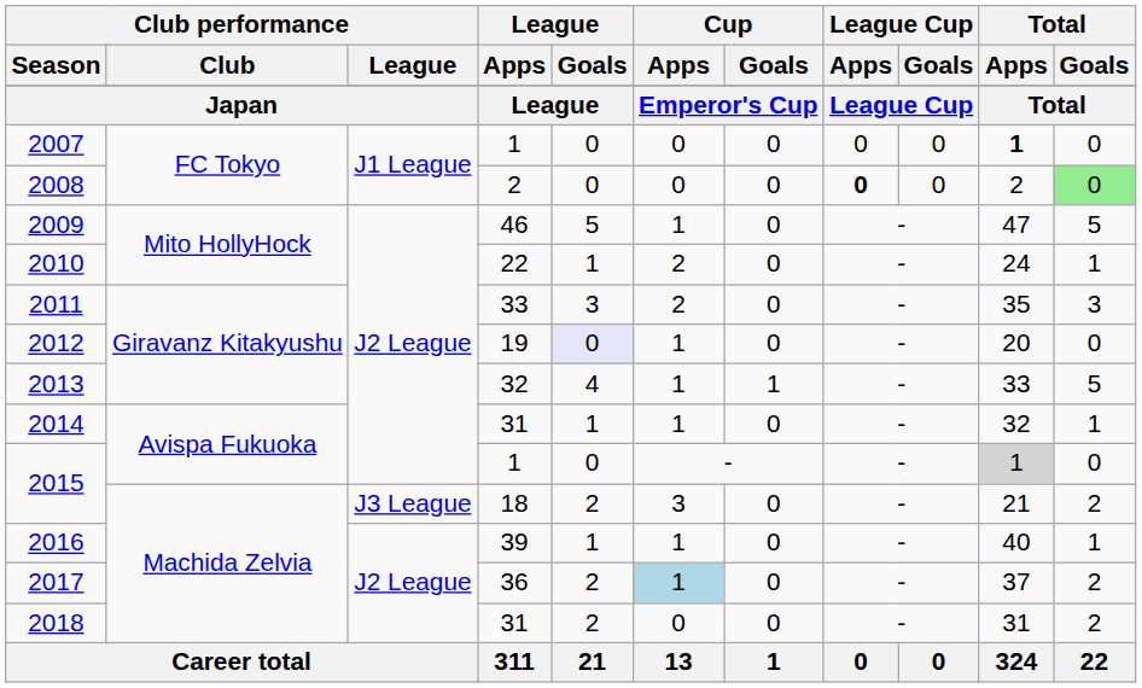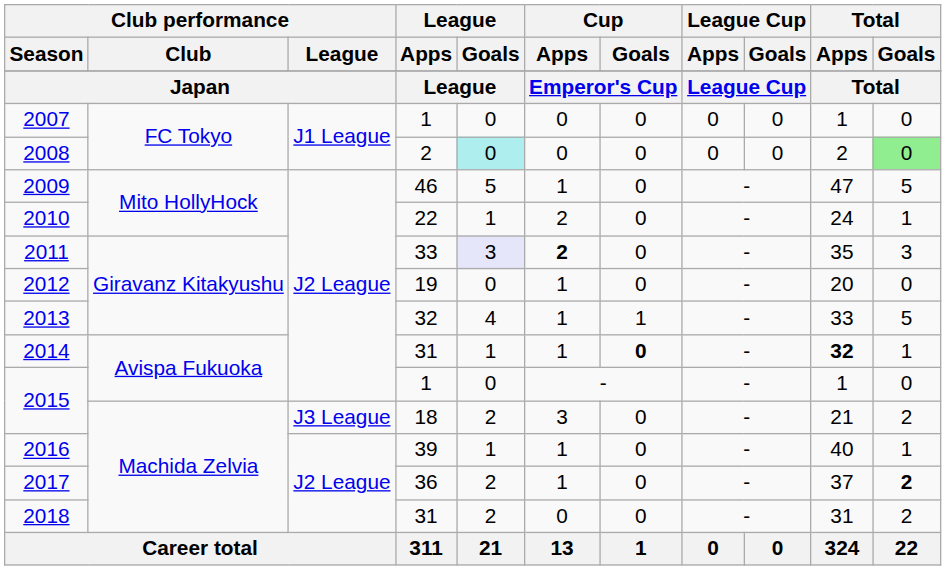 <table class="wikitable" style="text-align:center">
 <tr>
 <th colspan=3>Club performance</th>
 <th colspan=2>League</th>
 <th colspan=2>Cup</th>
 <th colspan=2>League Cup</th>
 <th colspan=2>Total</th>
 </tr>
 <tr>
 <th>Season</th>
 <th>Club</th>
 <th>League</th>
 <th>Apps</th>
 <th>Goals</th>
 <th>Apps</th>
 <th>Goals</th>
 <th>Apps</th>
 <th>Goals</th>
 <th>Apps</th>
 <th>Goals</th>
 </tr>
 <tr>
 </tr>
 <tr>
 <th colspan=3>Japan</th>
 <th colspan=2>League</th>
 <th colspan=2><a href='#'>Emperor's Cup</a></th>
 <th colspan=2><a href='#'>League Cup</a></th>
 <th colspan=2>Total</th>
 </tr>
 <tr>
 <td><a href='#'>2007</a></td>
 <td rowspan="2"><a href='#'>FC Tokyo</a></td>
 <td rowspan="2"><a href='#'>J1 League</a></td>
 <td>1</td>
 <td>0</td>
 <td>0</td>
 <td>0</td>
 <td>0</td>
 <td>0</td>
-<td><strong>1</strong></td>
+<td>1</td>
 <td>0</td>
 </tr>
 <tr>
 <td><a href='#'>2008</a></td>
 <td>2</td>
+<td style="background: paleturquoise;">0</td>
 <td>0</td>
 <td>0</td>
 <td>0</td>
-<td><strong>0</strong></td>
 <td>0</td>
 <td>2</td>
 <td style="background: lightgreen;">0</td>
 </tr>
 <tr>
 <td><a href='#'>2009</a></td>
 <td rowspan="2"><a href='#'>Mito HollyHock</a></td>
 <td rowspan="7"><a href='#'>J2 League</a></td>
 <td>46</td>
 <td>5</td>
 <td>1</td>
 <td>0</td>
 <td colspan="2">-</td>
 <td>47</td>
 <td>5</td>
 </tr>
 <tr>
 <td><a href='#'>2010</a></td>
 <td>22</td>
 <td>1</td>
 <td>2</td>
 <td>0</td>
 <td colspan="2">-</td>
 <td>24</td>
 <td>1</td>
 </tr>
 <tr>
 <td><a href='#'>2011</a></td>
 <td rowspan="3"><a href='#'>Giravanz Kitakyushu</a></td>
 <td>33</td>
-<td>3</td>
-<td>2</td>
+<td style="background: lavender;">3</td>
+<td><strong>2</strong></td>
 <td>0</td>
 <td colspan="2">-</td>
 <td>35</td>
 <td>3</td>
 </tr>
 <tr>
 <td><a href='#'>2012</a></td>
 <td>19</td>
-<td style="background: lavender;">0</td>
+<td>0</td>
 <td>1</td>
 <td>0</td>
 <td colspan="2">-</td>
 <td>20</td>
 <td>0</td>
 </tr>
 <tr>
 <td><a href='#'>2013</a></td>
 <td>32</td>
 <td>4</td>
 <td>1</td>
 <td>1</td>
 <td colspan="2">-</td>
 <td>33</td>
 <td>5</td>
 </tr>
 <tr>
 <td><a href='#'>2014</a></td>
 <td rowspan="2"><a href='#'>Avispa Fukuoka</a></td>
 <td>31</td>
 <td>1</td>
 <td>1</td>
-<td>0</td>
+<td><strong>0</strong></td>
 <td colspan="2">-</td>
-<td>32</td>
+<td><strong>32</strong></td>
 <td>1</td>
 </tr>
 <tr>
 <td rowspan="2"><a href='#'>2015</a></td>
 <td>1</td>
 <td>0</td>
 <td colspan="2">-</td>
 <td colspan="2">-</td>
-<td style="background: lightgrey;">1</td>
+<td>1</td>
 <td>0</td>
 </tr>
 <tr>
 <td rowspan="4"><a href='#'>Machida Zelvia</a></td>
 <td><a href='#'>J3 League</a></td>
 <td>18</td>
 <td>2</td>
 <td>3</td>
 <td>0</td>
 <td colspan="2">-</td>
 <td>21</td>
 <td>2</td>
 </tr>
 <tr>
 <td><a href='#'>2016</a></td>
 <td rowspan="3"><a href='#'>J2 League</a></td>
 <td>39</td>
 <td>1</td>
 <td>1</td>
 <td>0</td>
 <td colspan="2">-</td>
 <td>40</td>
 <td>1</td>
 </tr>
 <tr>
 <td><a href='#'>2017</a></td>
 <td>36</td>
 <td>2</td>
-<td style="background: lightblue;">1</td>
+<td>1</td>
 <td>0</td>
 <td colspan="2">-</td>
 <td>37</td>
-<td>2</td>
+<td><strong>2</strong></td>
 </tr>
 <tr>
 <td><a href='#'>2018</a></td>
 <td>31</td>
 <td>2</td>
 <td>0</td>
 <td>0</td>
 <td colspan="2">-</td>
 <td>31</td>
 <td>2</td>
 </tr>
 <tr>
 <th colspan=3>Career total</th>
 <th>311</th>
 <th>21</th>
 <th>13</th>
 <th>1</th>
 <th>0</th>
 <th>0</th>
 <th>324</th>
 <th>22</th>
 </tr>
 </table>
